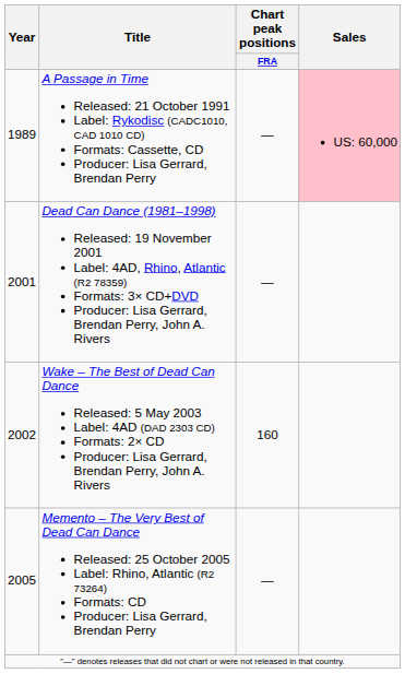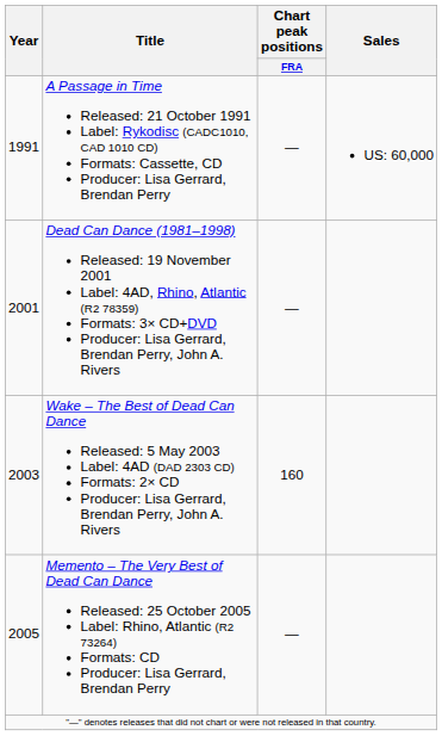 <table class="wikitable">
 <tr>
 <th rowspan="2" style="width:33px;">Year</th>
 <th rowspan="2" style="width:240px;">Title</th>
 <th>Chart peak positions</th>
 <th rowspan="2">Sales</th>
 </tr>
 <tr>
 <th style="width:3em;font-size:75%"><a href='#'>FRA</a><br></th>
 </tr>
 <tr>
-<td style="text-align:center;">1989</td>
+<td style="text-align:center;">1991</td>
 <td><em><a href='#'>A Passage in Time</a></em><br><ul><li>Released: 21 October 1991</li><li>Label: <a href='#'>Rykodisc</a> <small>(CADC1010, CAD 1010 CD)</small></li><li>Formats: Cassette, CD</li><li>Producer: Lisa Gerrard, Brendan Perry</li></ul></td>
 <td style="text-align:center;">—</td>
-<td style="background: pink;"><br><ul><li>US: 60,000</li></ul></td>
+<td><br><ul><li>US: 60,000</li></ul></td>
 </tr>
 <tr>
 <td style="text-align:center;">2001</td>
 <td><em><a href='#'>Dead Can Dance (1981–1998)</a></em><br><ul><li>Released: 19 November 2001</li><li>Label: 4AD, <a href='#'>Rhino</a>, <a href='#'>Atlantic</a> <small>(R2 78359)</small></li><li>Formats: 3× CD+<a href='#'>DVD</a></li><li>Producer: Lisa Gerrard, Brendan Perry, John A. Rivers</li></ul></td>
 <td style="text-align:center;">—</td>
 <td></td>
 </tr>
 <tr>
-<td style="text-align:center;">2002</td>
+<td style="text-align:center;">2003</td>
 <td><em><a href='#'>Wake – The Best of Dead Can Dance</a></em><br><ul><li>Released: 5 May 2003</li><li>Label: 4AD <small>(DAD 2303 CD)</small></li><li>Formats: 2× CD</li><li>Producer: Lisa Gerrard, Brendan Perry, John A. Rivers</li></ul></td>
 <td style="text-align:center;">160</td>
 <td></td>
 </tr>
 <tr>
 <td style="text-align:center;">2005</td>
 <td><em><a href='#'>Memento – The Very Best of Dead Can Dance</a></em><br><ul><li>Released: 25 October 2005</li><li>Label: Rhino, Atlantic <small>(R2 73264)</small></li><li>Formats: CD</li><li>Producer: Lisa Gerrard, Brendan Perry</li></ul></td>
 <td style="text-align:center;">—</td>
 <td></td>
 </tr>
 <tr>
 <td colspan="4" style="text-align:center; font-size:8pt;">"—" denotes releases that did not chart or were not released in that country.</td>
 </tr>
 </table>
